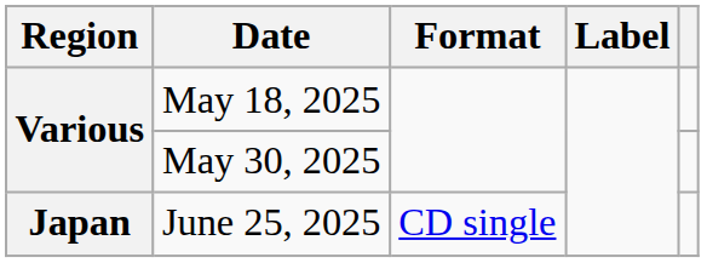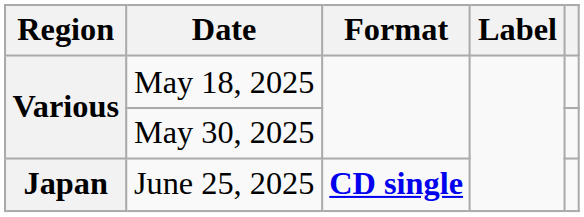 <table class="wikitable plainrowheaders">
 <tr>
 <th scope="col">Region</th>
 <th scope="col">Date</th>
 <th scope="col">Format</th>
 <th scope="col">Label</th>
 <th scope="col"></th>
 </tr>
 <tr>
 <th scope="row" rowspan="2">Various</th>
 <td>May 18, 2025</td>
 <td rowspan="2"></td>
 <td rowspan="3"></td>
 <td style="text-align:center"></td>
 </tr>
 <tr>
 <td>May 30, 2025</td>
 <td style="text-align:center"></td>
 </tr>
 <tr>
 <th scope="row">Japan</th>
 <td>June 25, 2025</td>
-<td><a href='#'>CD single</a></td>
+<td><strong><a href='#'>CD single</a></strong></td>
 <td style="text-align:center"></td>
 </tr>
 </table>
